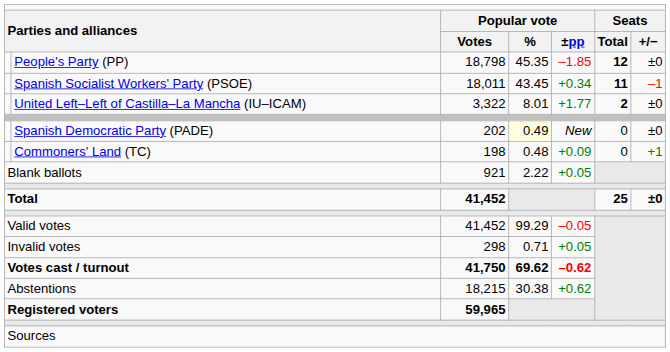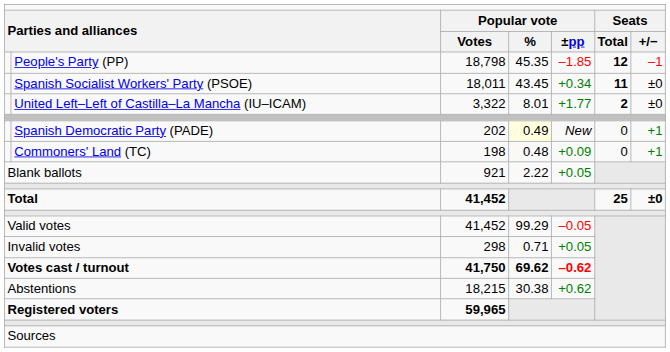 <table class="wikitable" style="text-align:right;">
 <tr>
 <td colspan="7"></td>
 </tr>
 <tr>
 <th style="text-align:left;" rowspan="2" colspan="2" width="525">Parties and alliances</th>
 <th colspan="3">Popular vote</th>
 <th colspan="2">Seats</th>
 </tr>
 <tr>
 <th width="75">Votes</th>
 <th width="45">%</th>
 <th width="45">±<a href='#'>pp</a></th>
 <th width="35">Total</th>
 <th width="35">+/−</th>
 </tr>
 <tr>
 <td width="1" style="color:inherit;background:"></td>
 <td align="left"><a href='#'>People's Party</a> (PP)</td>
 <td>18,798</td>
 <td>45.35</td>
 <td style="color:red;">–1.85</td>
 <td><strong>12</strong></td>
-<td>±0</td>
+<td style="color:red;">–1</td>
 </tr>
 <tr>
 <td style="color:inherit;background:"></td>
 <td align="left"><a href='#'>Spanish Socialist Workers' Party</a> (PSOE)</td>
 <td>18,011</td>
 <td>43.45</td>
 <td style="color:green;">+0.34</td>
 <td><strong>11</strong></td>
-<td style="color:red;">–1</td>
+<td>±0</td>
 </tr>
 <tr>
 <td style="color:inherit;background:"></td>
 <td align="left"><a href='#'>United Left–Left of Castilla–La Mancha</a> (IU–ICAM)</td>
 <td>3,322</td>
 <td>8.01</td>
 <td style="color:green;">+1.77</td>
 <td><strong>2</strong></td>
 <td>±0</td>
 </tr>
 <tr>
 <td colspan="7" bgcolor="#C0C0C0"></td>
 </tr>
 <tr>
 <td style="color:inherit;background:"></td>
 <td align="left"><a href='#'>Spanish Democratic Party</a> (PADE)</td>
 <td>202</td>
 <td style="background: lightyellow;">0.49</td>
 <td><em>New</em></td>
 <td>0</td>
-<td>±0</td>
+<td style="color:green;">+1</td>
 </tr>
 <tr>
 <td style="color:inherit;background:"></td>
 <td align="left"><a href='#'>Commoners' Land</a> (TC)</td>
 <td>198</td>
 <td>0.48</td>
 <td style="color:green;">+0.09</td>
 <td>0</td>
 <td style="color:green;">+1</td>
 </tr>
 <tr>
 <td align="left" colspan="2">Blank ballots</td>
 <td>921</td>
 <td>2.22</td>
 <td style="color:green;">+0.05</td>
 <td bgcolor="#E9E9E9" colspan="2"></td>
 </tr>
 <tr>
 <td colspan="7" bgcolor="#E9E9E9"></td>
 </tr>
 <tr style="font-weight:bold;">
 <td align="left" colspan="2">Total</td>
 <td>41,452</td>
 <td bgcolor="#E9E9E9" colspan="2"></td>
 <td>25</td>
 <td>±0</td>
 </tr>
 <tr>
 <td colspan="7" bgcolor="#E9E9E9"></td>
 </tr>
 <tr>
 <td align="left" colspan="2">Valid votes</td>
 <td>41,452</td>
 <td>99.29</td>
 <td style="color:red;">–0.05</td>
 <td bgcolor="#E9E9E9" colspan="2" rowspan="5"></td>
 </tr>
 <tr>
 <td align="left" colspan="2">Invalid votes</td>
 <td>298</td>
 <td>0.71</td>
 <td style="color:green;">+0.05</td>
 </tr>
 <tr style="font-weight:bold;">
 <td align="left" colspan="2">Votes cast / turnout</td>
 <td>41,750</td>
 <td>69.62</td>
 <td style="color:red;">–0.62</td>
 </tr>
 <tr>
 <td align="left" colspan="2">Abstentions</td>
 <td>18,215</td>
 <td>30.38</td>
 <td style="color:green;">+0.62</td>
 </tr>
 <tr style="font-weight:bold;">
 <td align="left" colspan="2">Registered voters</td>
 <td>59,965</td>
 <td bgcolor="#E9E9E9" colspan="2"></td>
 </tr>
 <tr>
 <td colspan="7" bgcolor="#E9E9E9"></td>
 </tr>
 <tr>
 <td align="left" colspan="7">Sources</td>
 </tr>
 </table>
